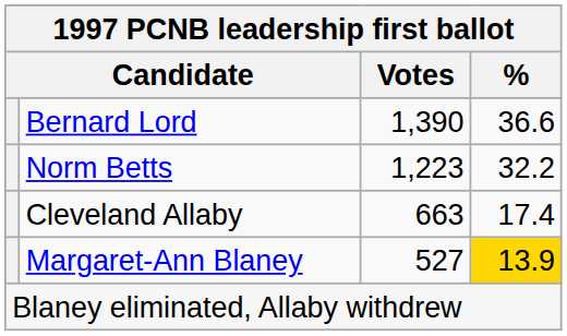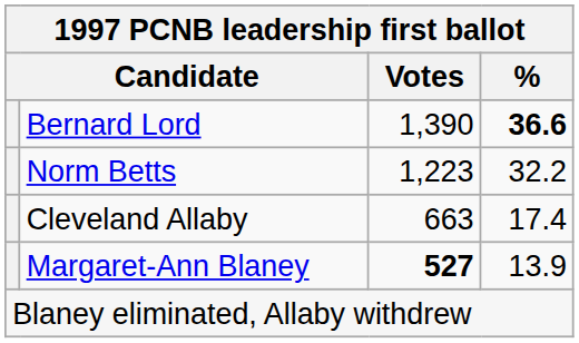 <table class="wikitable" style="font-size: 95%;">
 <tr style="background-color:#E9E9E9">
 <th colspan="4">1997 PCNB leadership first ballot</th>
 </tr>
 <tr style="background-color:#E9E9E9">
 <th colspan="2" style="width: 170px">Candidate</th>
 <th style="width: 50px">Votes</th>
 <th style="width: 40px">%</th>
 </tr>
 <tr>
 <th></th>
 <td style="width: 170px"><a href='#'>Bernard Lord</a></td>
 <td align="right">1,390</td>
-<td align="right">36.6</td>
+<td align="right"><strong>36.6</strong></td>
 </tr>
 <tr>
 <th></th>
 <td style="width: 170px"><a href='#'>Norm Betts</a></td>
 <td align="right">1,223</td>
 <td align="right">32.2</td>
 </tr>
 <tr>
 <th></th>
 <td style="width: 170px">Cleveland Allaby</td>
 <td align="right">663</td>
 <td align="right">17.4</td>
 </tr>
 <tr>
 <th></th>
 <td style="width: 170px"><a href='#'>Margaret-Ann Blaney</a></td>
-<td align="right">527</td>
-<td align="right" style="background: gold;">13.9</td>
+<td align="right"><strong>527</strong></td>
+<td align="right">13.9</td>
 </tr>
 <tr style="background-color:#F6F6F6">
 <td colspan="4">Blaney eliminated, Allaby withdrew</td>
 </tr>
 </table>
